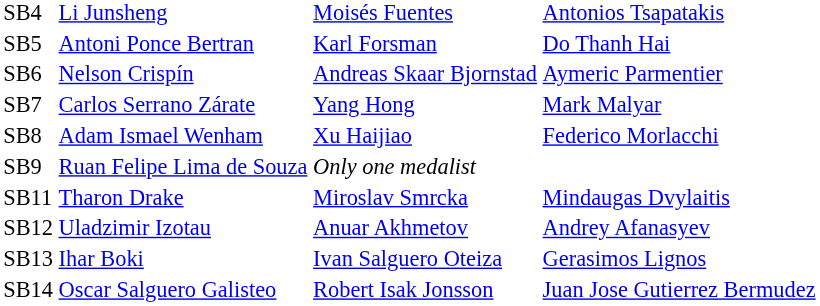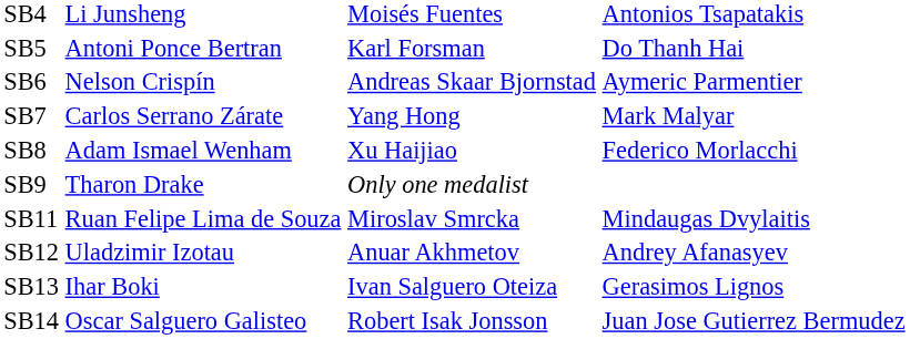 <table>
 <tr>
 <td>SB4</td>
 <td><a href='#'>Li Junsheng</a><br></td>
 <td><a href='#'>Moisés Fuentes</a><br></td>
 <td><a href='#'>Antonios Tsapatakis</a><br></td>
 </tr>
 <tr>
 <td>SB5</td>
 <td><a href='#'>Antoni Ponce Bertran</a><br></td>
 <td><a href='#'>Karl Forsman</a><br></td>
 <td><a href='#'>Do Thanh Hai</a><br></td>
 </tr>
 <tr>
 <td>SB6</td>
 <td><a href='#'>Nelson Crispín</a><br></td>
 <td><a href='#'>Andreas Skaar Bjornstad</a><br></td>
 <td><a href='#'>Aymeric Parmentier</a><br></td>
 </tr>
 <tr>
 <td>SB7</td>
 <td><a href='#'>Carlos Serrano Zárate</a><br></td>
 <td><a href='#'>Yang Hong</a><br></td>
 <td><a href='#'>Mark Malyar</a><br></td>
 </tr>
 <tr>
 <td>SB8</td>
 <td><a href='#'>Adam Ismael Wenham</a><br></td>
 <td><a href='#'>Xu Haijiao</a><br></td>
 <td><a href='#'>Federico Morlacchi</a><br></td>
 </tr>
 <tr>
 <td>SB9</td>
-<td><a href='#'>Ruan Felipe Lima de Souza</a><br></td>
+<td><a href='#'>Tharon Drake</a><br></td>
 <td colspan=2><em>Only one medalist</em></td>
 </tr>
 <tr>
 <td>SB11</td>
-<td><a href='#'>Tharon Drake</a><br></td>
+<td><a href='#'>Ruan Felipe Lima de Souza</a><br></td>
 <td><a href='#'>Miroslav Smrcka</a><br></td>
 <td><a href='#'>Mindaugas Dvylaitis</a><br></td>
 </tr>
 <tr>
 <td>SB12</td>
 <td><a href='#'>Uladzimir Izotau</a><br></td>
 <td><a href='#'>Anuar Akhmetov</a><br></td>
 <td><a href='#'>Andrey Afanasyev</a><br></td>
 </tr>
 <tr>
 <td>SB13</td>
 <td><a href='#'>Ihar Boki</a><br></td>
 <td><a href='#'>Ivan Salguero Oteiza</a><br></td>
 <td><a href='#'>Gerasimos Lignos</a><br></td>
 </tr>
 <tr>
 <td>SB14</td>
 <td><a href='#'>Oscar Salguero Galisteo</a><br></td>
 <td><a href='#'>Robert Isak Jonsson</a><br></td>
 <td><a href='#'>Juan Jose Gutierrez Bermudez</a><br></td>
 </tr>
 </table>
